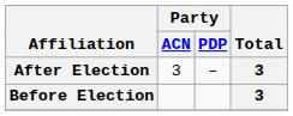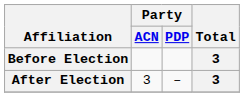 <table class=wikitable style="text-align:center">
 <tr style="vertical-align:bottom;">
 <th rowspan=2>Affiliation</th>
 <th colspan=2>Party</th>
 <th rowspan=2>Total</th>
 </tr>
 <tr>
 <th><a href='#'>ACN</a></th>
 <th><a href='#'>PDP</a></th>
 </tr>
 <tr>
+<th>Before Election</th>
+<td></td>
+<td></td>
+<th>3</th>
+</tr>
+<tr>
 <th>After Election</th>
 <td>3</td>
 <td>–</td>
 <th>3</th>
 </tr>
 <tr>
-<th>Before Election</th>
-<td></td>
-<td></td>
-<th>3</th>
-</tr>
-<tr>
 </tr>
 </table>
